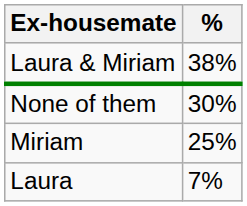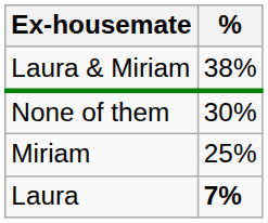 <table class="wikitable">
 <tr>
 <th>Ex-housemate</th>
 <th>%</th>
 </tr>
 <tr style="border-bottom:3px solid green;">
 <td>Laura & Miriam</td>
 <td>38%</td>
 </tr>
 <tr>
 <td>None of them</td>
 <td>30%</td>
 </tr>
 <tr>
 <td>Miriam</td>
 <td>25%</td>
 </tr>
 <tr>
 <td>Laura</td>
-<td>7%</td>
+<td><strong>7%</strong></td>
 </tr>
 </table>
